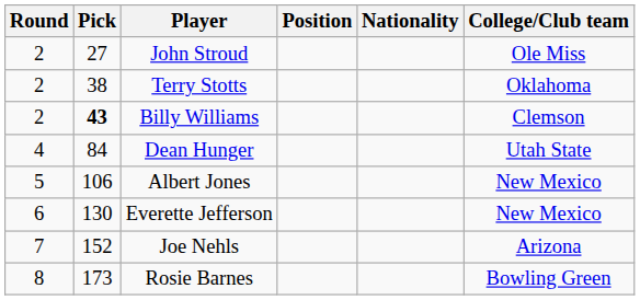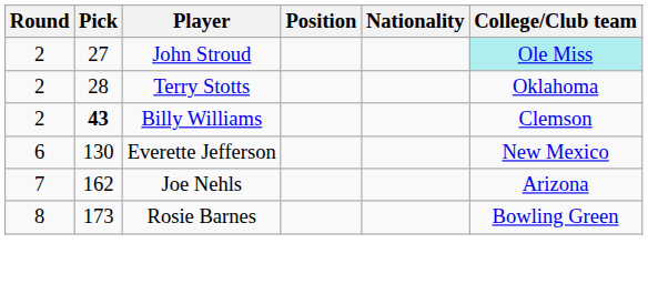 <table class="wikitable sortable sortable">
 <tr>
 <th>Round</th>
 <th>Pick</th>
 <th>Player</th>
 <th>Position</th>
 <th>Nationality</th>
 <th>College/Club team</th>
 </tr>
 <tr style="text-align: center">
 <td>2</td>
 <td>27</td>
 <td><a href='#'>John Stroud</a></td>
 <td></td>
 <td></td>
-<td><a href='#'>Ole Miss</a></td>
+<td style="background: paleturquoise;"><a href='#'>Ole Miss</a></td>
 </tr>
 <tr style="text-align: center">
 <td>2</td>
-<td>38</td>
+<td>28</td>
 <td><a href='#'>Terry Stotts</a></td>
 <td></td>
 <td></td>
 <td><a href='#'>Oklahoma</a></td>
 </tr>
 <tr style="text-align: center">
 <td>2</td>
 <td><strong>43</strong></td>
 <td><a href='#'>Billy Williams</a></td>
 <td></td>
 <td></td>
 <td><a href='#'>Clemson</a></td>
 </tr>
 <tr style="text-align: center">
-<td>4</td>
-<td>84</td>
-<td><a href='#'>Dean Hunger</a></td>
-<td></td>
-<td></td>
-<td><a href='#'>Utah State</a></td>
-</tr>
-<tr style="text-align: center">
-<td>5</td>
-<td>106</td>
-<td>Albert Jones</td>
-<td></td>
-<td></td>
-<td><a href='#'>New Mexico</a></td>
-</tr>
-<tr style="text-align: center">
 <td>6</td>
 <td>130</td>
 <td>Everette Jefferson</td>
 <td></td>
 <td></td>
 <td><a href='#'>New Mexico</a></td>
 </tr>
 <tr style="text-align: center">
 <td>7</td>
-<td>152</td>
+<td>162</td>
 <td>Joe Nehls</td>
 <td></td>
 <td></td>
 <td><a href='#'>Arizona</a></td>
 </tr>
 <tr style="text-align: center">
 <td>8</td>
 <td>173</td>
 <td>Rosie Barnes</td>
 <td></td>
 <td></td>
 <td><a href='#'>Bowling Green</a></td>
 </tr>
 </table>
